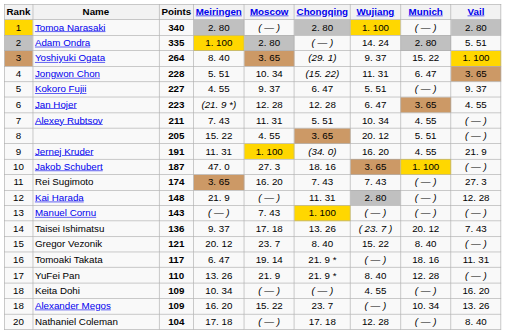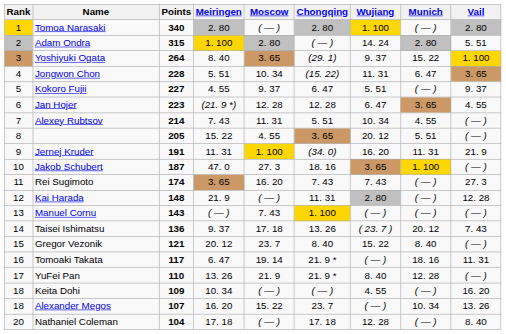 <table class="wikitable sortable">
 <tr>
 <th>Rank</th>
 <th width = "200">Name</th>
 <th>Points</th>
 <th width = "75" data-sort-type="number"><a href='#'>Meiringen</a></th>
 <th width = "75" data-sort-type="number"><a href='#'>Moscow</a></th>
 <th width = "75" data-sort-type="number"><a href='#'>Chongqing</a></th>
 <th width = "75" data-sort-type="number"><a href='#'>Wujiang</a></th>
 <th width = "75" data-sort-type="number"><a href='#'>Munich</a></th>
 <th width = "75" data-sort-type="number"><a href='#'>Vail</a></th>
 </tr>
 <tr>
 <td align="center" style="background: gold">1</td>
 <td> <a href='#'>Tomoa Narasaki</a></td>
 <td align="center"><strong>340</strong></td>
 <td align="center" style="background: silver">2. 80</td>
 <td align="center"><em>( — )</em></td>
 <td align="center" style="background: silver">2. 80</td>
 <td align="center" style="background: gold">1. 100</td>
 <td align="center"><em>( — )</em></td>
 <td align="center" style="background: silver">2. 80</td>
 </tr>
 <tr>
 <td align="center" style="background: silver">2</td>
 <td> <a href='#'>Adam Ondra</a></td>
-<td align="center"><strong>335</strong></td>
+<td align="center"><strong>315</strong></td>
 <td align="center" style="background: gold">1. 100</td>
 <td align="center" style="background: silver">2. 80</td>
 <td align="center"><em>( — )</em></td>
 <td align="center">14. 24</td>
 <td align="center" style="background: silver">2. 80</td>
 <td align="center">5. 51</td>
 </tr>
 <tr>
 <td align="center" style="background: #cc9966">3</td>
 <td> <a href='#'>Yoshiyuki Ogata</a></td>
 <td align="center"><strong>264</strong></td>
 <td align="center">8. 40</td>
 <td align="center" style="background: #cc9966">3. 65</td>
 <td align="center"><em>(29. 1)</em></td>
 <td align="center">9. 37</td>
 <td align="center">15. 22</td>
 <td align="center" style="background: gold">1. 100</td>
 </tr>
 <tr>
 <td align="center">4</td>
 <td> <a href='#'>Jongwon Chon</a></td>
 <td align="center"><strong>228</strong></td>
 <td align="center">5. 51</td>
 <td align="center">10. 34</td>
 <td align="center"><em>(15. 22)</em></td>
 <td align="center">11. 31</td>
 <td align="center">6. 47</td>
 <td align="center" style="background: #cc9966">3. 65</td>
 </tr>
 <tr>
 <td align="center">5</td>
 <td> <a href='#'>Kokoro Fujii</a></td>
 <td align="center"><strong>227</strong></td>
 <td align="center">4. 55</td>
 <td align="center">9. 37</td>
 <td align="center">6. 47</td>
 <td align="center">5. 51</td>
 <td align="center"><em>( — )</em></td>
 <td align="center">9. 37</td>
 </tr>
 <tr>
 <td align="center">6</td>
 <td> <a href='#'>Jan Hojer</a></td>
 <td align="center"><strong>223</strong></td>
 <td align="center"><em>(21. 9 *)</em></td>
 <td align="center">12. 28</td>
 <td align="center">12. 28</td>
 <td align="center">6. 47</td>
 <td align="center" style="background: #cc9966">3. 65</td>
 <td align="center">4. 55</td>
 </tr>
 <tr>
 <td align="center">7</td>
 <td> <a href='#'>Alexey Rubtsov</a></td>
-<td align="center"><strong>211</strong></td>
+<td align="center"><strong>214</strong></td>
 <td align="center">7. 43</td>
 <td align="center">11. 31</td>
 <td align="center">5. 51</td>
 <td align="center">10. 34</td>
 <td align="center">4. 55</td>
 <td align="center"><em>( — )</em></td>
 </tr>
 <tr>
 <td align="center">8</td>
 <td> </td>
 <td align="center"><strong>205</strong></td>
 <td align="center">15. 22</td>
 <td align="center">4. 55</td>
 <td align="center" style="background: #cc9966">3. 65</td>
 <td align="center">20. 12</td>
 <td align="center">5. 51</td>
 <td align="center"><em>( — )</em></td>
 </tr>
 <tr>
 <td align="center">9</td>
 <td> <a href='#'>Jernej Kruder</a></td>
 <td align="center"><strong>191</strong></td>
 <td align="center">11. 31</td>
 <td align="center" style="background: gold">1. 100</td>
 <td align="center"><em>(34. 0)</em></td>
 <td align="center">16. 20</td>
-<td align="center">4. 55</td>
+<td align="center">11. 31</td>
 <td align="center">21. 9</td>
 </tr>
 <tr>
 <td align="center">10</td>
 <td> <a href='#'>Jakob Schubert</a></td>
 <td align="center"><strong>187</strong></td>
 <td align="center">47. 0</td>
 <td align="center">27. 3</td>
 <td align="center">18. 16</td>
 <td align="center" style="background: #cc9966">3. 65</td>
 <td align="center" style="background: gold">1. 100</td>
 <td align="center"><em>( — )</em></td>
 </tr>
 <tr>
 <td align="center">11</td>
 <td> Rei Sugimoto</td>
 <td align="center"><strong>174</strong></td>
 <td align="center" style="background: #cc9966">3. 65</td>
 <td align="center">16. 20</td>
 <td align="center">7. 43</td>
 <td align="center">7. 43</td>
 <td align="center"><em>( — )</em></td>
 <td align="center">27. 3</td>
 </tr>
 <tr>
 <td align="center">12</td>
 <td> <a href='#'>Kai Harada</a></td>
 <td align="center"><strong>148</strong></td>
 <td align="center">21. 9</td>
 <td align="center"><em>( — )</em></td>
 <td align="center">11. 31</td>
 <td align="center" style="background: silver">2. 80</td>
 <td align="center"><em>( — )</em></td>
 <td align="center">12. 28</td>
 </tr>
 <tr>
 <td align="center">13</td>
 <td> <a href='#'>Manuel Cornu</a></td>
 <td align="center"><strong>143</strong></td>
 <td align="center"><em>( — )</em></td>
 <td align="center">7. 43</td>
 <td align="center" style="background: gold">1. 100</td>
 <td align="center"><em>( — )</em></td>
 <td align="center"><em>( — )</em></td>
 <td align="center"><em>( — )</em></td>
 </tr>
 <tr>
 <td align="center">14</td>
 <td> Taisei Ishimatsu</td>
 <td align="center"><strong>136</strong></td>
 <td align="center">9. 37</td>
 <td align="center">17. 18</td>
 <td align="center">13. 26</td>
 <td align="center"><em>( 23. 7 )</em></td>
 <td align="center">20. 12</td>
 <td align="center">7. 43</td>
 </tr>
 <tr>
 <td align="center">15</td>
 <td> Gregor Vezonik</td>
 <td align="center"><strong>121</strong></td>
 <td align="center">20. 12</td>
 <td align="center">23. 7</td>
 <td align="center">8. 40</td>
 <td align="center">15. 22</td>
 <td align="center">8. 40</td>
 <td align="center"><em>( — )</em></td>
 </tr>
 <tr>
 <td align="center">16</td>
 <td> Tomoaki Takata</td>
 <td align="center"><strong>117</strong></td>
 <td align="center">6. 47</td>
 <td align="center">19. 14</td>
 <td align="center">21. 9 *</td>
 <td align="center"><em>( — )</em></td>
 <td align="center">18. 16</td>
 <td align="center">11. 31</td>
 </tr>
 <tr>
 <td align="center">17</td>
 <td> YuFei Pan</td>
 <td align="center"><strong>110</strong></td>
 <td align="center">13. 26</td>
 <td align="center">21. 9</td>
 <td align="center">21. 9 *</td>
 <td align="center">8. 40</td>
 <td align="center">12. 28</td>
 <td align="center"><em>( — )</em></td>
 </tr>
 <tr>
 <td align="center">18</td>
 <td> Keita Dohi</td>
 <td align="center"><strong>109</strong></td>
 <td align="center">10. 34</td>
 <td align="center"><em>( — )</em></td>
 <td align="center"><em>( — )</em></td>
 <td align="center">4. 55</td>
 <td align="center"><em>( — )</em></td>
 <td align="center">16. 20</td>
 </tr>
 <tr>
 <td align="center">18</td>
 <td> <a href='#'>Alexander Megos</a></td>
-<td align="center"><strong>109</strong></td>
+<td align="center"><strong>107</strong></td>
 <td align="center">16. 20</td>
 <td align="center">15. 22</td>
 <td align="center">23. 7</td>
 <td align="center"><em>( — )</em></td>
 <td align="center">10. 34</td>
 <td align="center">13. 26</td>
 </tr>
 <tr>
 <td align="center">20</td>
 <td> Nathaniel Coleman</td>
 <td align="center"><strong>104</strong></td>
 <td align="center">17. 18</td>
 <td align="center"><em>( — )</em></td>
 <td align="center">17. 18</td>
 <td align="center">12. 28</td>
 <td align="center"><em>( — )</em></td>
 <td align="center">8. 40</td>
 </tr>
 </table>
